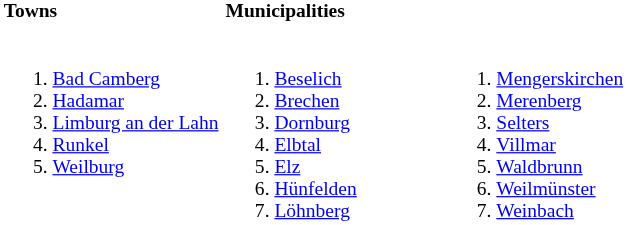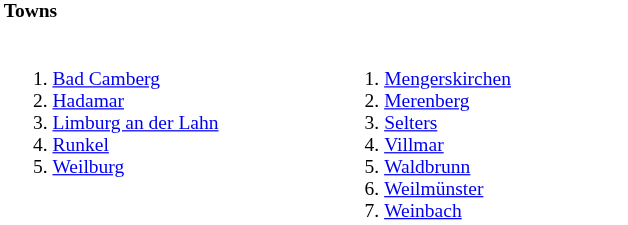 <table>
 <tr>
 <th align=left width=33%>Towns</th>
-<th align=left width=33%>Municipalities</th>
 <th align=left width=33%></th>
 </tr>
 <tr valign=top>
 <td><br><ol><li><a href='#'>Bad Camberg</a></li><li><a href='#'>Hadamar</a></li><li><a href='#'>Limburg an der Lahn</a></li><li><a href='#'>Runkel</a></li><li><a href='#'>Weilburg</a></li></ol></td>
-<td><br><ol><li><a href='#'>Beselich</a></li><li><a href='#'>Brechen</a></li><li><a href='#'>Dornburg</a></li><li><a href='#'>Elbtal</a></li><li><a href='#'>Elz</a></li><li><a href='#'>Hünfelden</a></li><li><a href='#'>Löhnberg</a></li></ol></td>
 <td><br><ol> <li><a href='#'>Mengerskirchen</a> <li><a href='#'>Merenberg</a> <li><a href='#'>Selters</a> <li><a href='#'>Villmar</a> <li><a href='#'>Waldbrunn</a> <li><a href='#'>Weilmünster</a> <li><a href='#'>Weinbach</a> </ol></td>
 </tr>
 </table>
